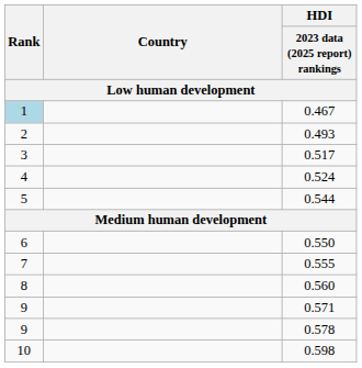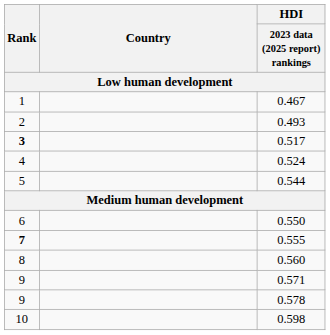 <table class="wikitable sortable" style="text-align:center">
 <tr>
 <th scope="col" rowspan="2">Rank</th>
 <th scope="col" rowspan="2" style="width:17em;">Country</th>
 <th scope="col" colspan="2">HDI</th>
 </tr>
 <tr>
 <th scope="col" style="width:5em;"><small>2023 data (2025 report) rankings</small></th>
 </tr>
 <tr>
 <th scope="row" colspan="10">Low human development</th>
 </tr>
 <tr>
-<td style="background: lightblue;">1</td>
+<td>1</td>
 <td style="text-align:left"></td>
 <td>0.467</td>
 </tr>
 <tr>
 <td>2</td>
 <td style="text-align:left"></td>
 <td>0.493</td>
 </tr>
 <tr>
-<td>3</td>
+<td><strong>3</strong></td>
 <td style="text-align:left"></td>
 <td>0.517</td>
 </tr>
 <tr>
 <td>4</td>
 <td style="text-align:left"></td>
 <td>0.524</td>
 </tr>
 <tr>
 <td>5</td>
 <td style="text-align:left"></td>
 <td>0.544</td>
 </tr>
 <tr>
 <th scope="row" colspan="4">Medium human development</th>
 </tr>
 <tr>
 <td>6</td>
 <td style="text-align:left"></td>
 <td>0.550</td>
 </tr>
 <tr>
-<td>7</td>
+<td><strong>7</strong></td>
 <td style="text-align:left"></td>
 <td>0.555</td>
 </tr>
 <tr>
 <td>8</td>
 <td style="text-align:left"></td>
 <td>0.560</td>
 </tr>
 <tr>
 <td>9</td>
 <td style="text-align:left"></td>
 <td>0.571</td>
 </tr>
 <tr>
 <td>9</td>
 <td style="text-align:left"></td>
 <td>0.578</td>
 </tr>
 <tr>
 <td>10</td>
 <td style="text-align:left"></td>
 <td>0.598</td>
 </tr>
 </table>
